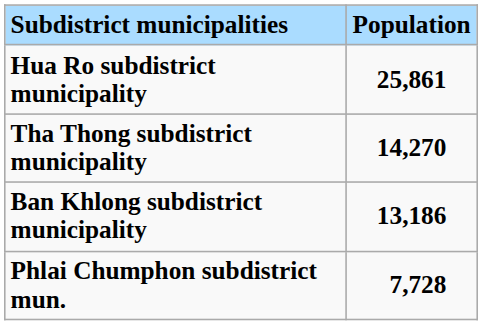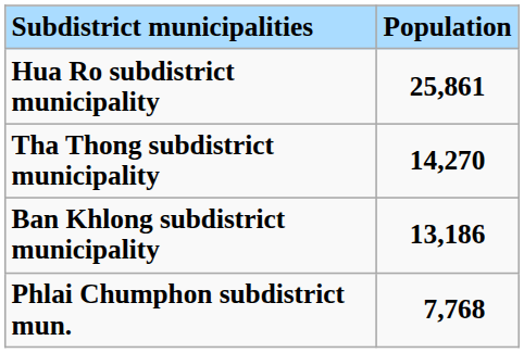 <table class="wikitable" style="width:48%; display:inline-table;">
 <tr>
 <th scope="col" style= "width:74%; background: #aadcff; text-align:left;"><strong>Subdistrict municipalities</strong></th>
 <th scope="col" style= "width:26%; background: #aadcff; text-align:center;"><strong>Population</strong></th>
 </tr>
 <tr>
 <td><strong>Hua Ro subdistrict municipality</strong></td>
 <td style="text-align:center;"><strong>25,861</strong></td>
 </tr>
 <tr>
 <td><strong>Tha Thong subdistrict municipality</strong></td>
 <td style="text-align:center;"><strong>14,270</strong></td>
 </tr>
 <tr>
 <td><strong>Ban Khlong subdistrict municipality</strong></td>
 <td style="text-align:center;"><strong>13,186</strong></td>
 </tr>
 <tr>
 <td><strong>Phlai Chumphon subdistrict mun.</strong></td>
-<td style="text-align:center;">  <strong>7,728</strong></td>
+<td style="text-align:center;">  <strong>7,768</strong></td>
 </tr>
 </table>
